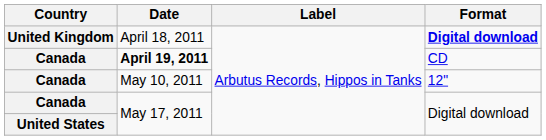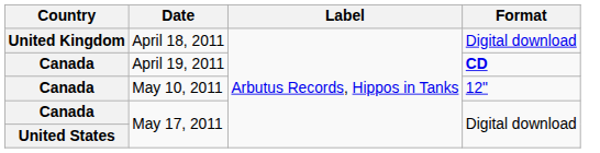 <table class="wikitable plainrowheaders">
 <tr>
 <th scope="col">Country</th>
 <th scope="col">Date</th>
 <th scope="col">Label</th>
 <th scope="col">Format</th>
 </tr>
 <tr>
 <th scope="row">United Kingdom</th>
 <td>April 18, 2011</td>
 <td rowspan="5"><a href='#'>Arbutus Records</a>, <a href='#'>Hippos in Tanks</a></td>
-<td><strong><a href='#'>Digital download</a></strong></td>
+<td><a href='#'>Digital download</a></td>
 </tr>
 <tr>
 <th scope="row">Canada</th>
-<td><strong>April 19, 2011</strong></td>
-<td><a href='#'>CD</a></td>
+<td>April 19, 2011</td>
+<td><strong><a href='#'>CD</a></strong></td>
 </tr>
 <tr>
 <th scope="row">Canada</th>
 <td>May 10, 2011</td>
 <td><a href='#'>12"</a></td>
 </tr>
 <tr>
 <th scope="row">Canada</th>
 <td rowspan="2">May 17, 2011</td>
 <td rowspan="2">Digital download</td>
 </tr>
 <tr>
 <th scope="row">United States</th>
 </tr>
 </table>
